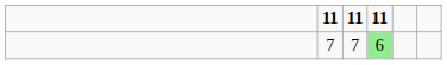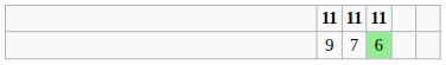 <table class="wikitable">
 <tr>
 <td style="width:18em"><strong></strong></td>
 <td align=center style="width:1em"><strong>11</strong></td>
 <td align=center style="width:1em"><strong>11</strong></td>
 <td align=center style="width:1em"><strong>11</strong></td>
 <td align=center style="width:1em"></td>
 <td align=center style="width:1em"></td>
 </tr>
 <tr>
 <td style="width:18em"></td>
-<td align=center style="width:1em">7</td>
+<td align=center style="width:1em">9</td>
 <td align=center style="width:1em">7</td>
 <td align=center style="background: lightgreen; width:1em">6</td>
 <td align=center style="width:1em"></td>
 <td align=center style="width:1em"></td>
 </tr>
 </table>
